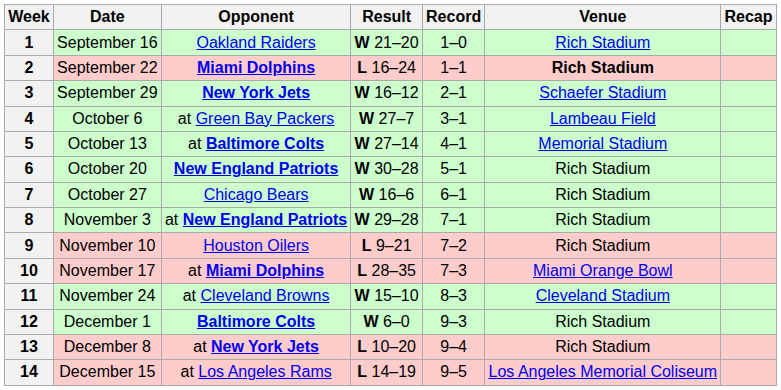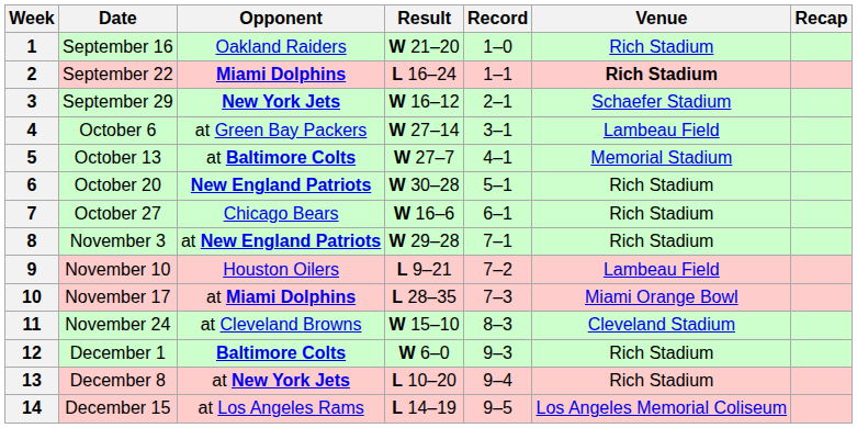 <table class="wikitable" style="text-align:center">
 <tr>
 <th>Week</th>
 <th>Date</th>
 <th>Opponent</th>
 <th>Result</th>
 <th>Record</th>
 <th>Venue</th>
 <th>Recap</th>
 </tr>
 <tr align="center" bgcolor="ccffcc">
 <th>1</th>
 <td>September 16</td>
 <td><a href='#'>Oakland Raiders</a></td>
 <td><strong>W</strong> 21–20</td>
 <td>1–0</td>
 <td><a href='#'>Rich Stadium</a></td>
 <td></td>
 </tr>
 <tr align="center" bgcolor="ffcccc">
 <th>2</th>
 <td>September 22</td>
 <td><strong><a href='#'>Miami Dolphins</a></strong></td>
 <td><strong>L</strong> 16–24</td>
 <td>1–1</td>
 <td><strong>Rich Stadium</strong></td>
 <td></td>
 </tr>
 <tr align="center" bgcolor="ccffcc">
 <th>3</th>
 <td>September 29</td>
 <td><strong><a href='#'>New York Jets</a></strong></td>
 <td><strong>W</strong> 16–12</td>
 <td>2–1</td>
 <td><a href='#'>Schaefer Stadium</a></td>
 <td></td>
 </tr>
 <tr align="center" bgcolor="ccffcc">
 <th>4</th>
 <td>October 6</td>
 <td>at <a href='#'>Green Bay Packers</a></td>
-<td><strong>W</strong> 27–7</td>
+<td><strong>W</strong> 27–14</td>
 <td>3–1</td>
 <td><a href='#'>Lambeau Field</a></td>
 <td></td>
 </tr>
 <tr align="center" bgcolor="ccffcc">
 <th>5</th>
 <td>October 13</td>
 <td>at <strong><a href='#'>Baltimore Colts</a></strong></td>
-<td><strong>W</strong> 27–14</td>
+<td><strong>W</strong> 27–7</td>
 <td>4–1</td>
 <td><a href='#'>Memorial Stadium</a></td>
 <td></td>
 </tr>
 <tr align="center" bgcolor="ccffcc">
 <th>6</th>
 <td>October 20</td>
 <td><strong><a href='#'>New England Patriots</a></strong></td>
 <td><strong>W</strong> 30–28</td>
 <td>5–1</td>
 <td>Rich Stadium</td>
 <td></td>
 </tr>
 <tr align="center" bgcolor="ccffcc">
 <th>7</th>
 <td>October 27</td>
 <td><a href='#'>Chicago Bears</a></td>
 <td><strong>W</strong> 16–6</td>
 <td>6–1</td>
 <td>Rich Stadium</td>
 <td></td>
 </tr>
 <tr align="center" bgcolor="ccffcc">
 <th>8</th>
 <td>November  3</td>
 <td>at <strong><a href='#'>New England Patriots</a></strong></td>
 <td><strong>W</strong>  29–28</td>
 <td>7–1</td>
 <td>Rich Stadium</td>
 <td></td>
 </tr>
 <tr align="center" bgcolor="ffcccc">
 <th>9</th>
 <td>November 10</td>
 <td><a href='#'>Houston Oilers</a></td>
 <td><strong>L</strong>  9–21</td>
 <td>7–2</td>
-<td>Rich Stadium</td>
+<td><a href='#'>Lambeau Field</a></td>
 <td></td>
 </tr>
 <tr align="center" bgcolor="ffcccc">
 <th>10</th>
 <td>November 17</td>
 <td>at <strong><a href='#'>Miami Dolphins</a></strong></td>
 <td><strong>L</strong> 28–35</td>
 <td>7–3</td>
 <td><a href='#'>Miami Orange Bowl</a></td>
 <td></td>
 </tr>
 <tr align="center" bgcolor="ccffcc">
 <th>11</th>
 <td>November 24</td>
 <td>at <a href='#'>Cleveland Browns</a></td>
 <td><strong>W</strong> 15–10</td>
 <td>8–3</td>
 <td><a href='#'>Cleveland Stadium</a></td>
 <td></td>
 </tr>
 <tr align="center" bgcolor="ccffcc">
 <th>12</th>
 <td>December 1</td>
 <td><strong><a href='#'>Baltimore Colts</a></strong></td>
 <td><strong>W</strong> 6–0</td>
 <td>9–3</td>
 <td>Rich Stadium</td>
 <td></td>
 </tr>
 <tr align="center" bgcolor="ffcccc">
 <th>13</th>
 <td>December 8</td>
 <td>at  <strong><a href='#'>New York Jets</a></strong></td>
 <td><strong>L</strong> 10–20</td>
 <td>9–4</td>
 <td>Rich Stadium</td>
 <td></td>
 </tr>
 <tr align="center" bgcolor="ffcccc">
 <th>14</th>
 <td>December 15</td>
 <td>at <a href='#'>Los Angeles Rams</a></td>
 <td><strong>L</strong> 14–19</td>
 <td>9–5</td>
 <td><a href='#'>Los Angeles Memorial Coliseum</a></td>
 <td></td>
 </tr>
 <tr align="center" bgcolor="">
 </tr>
 </table>
